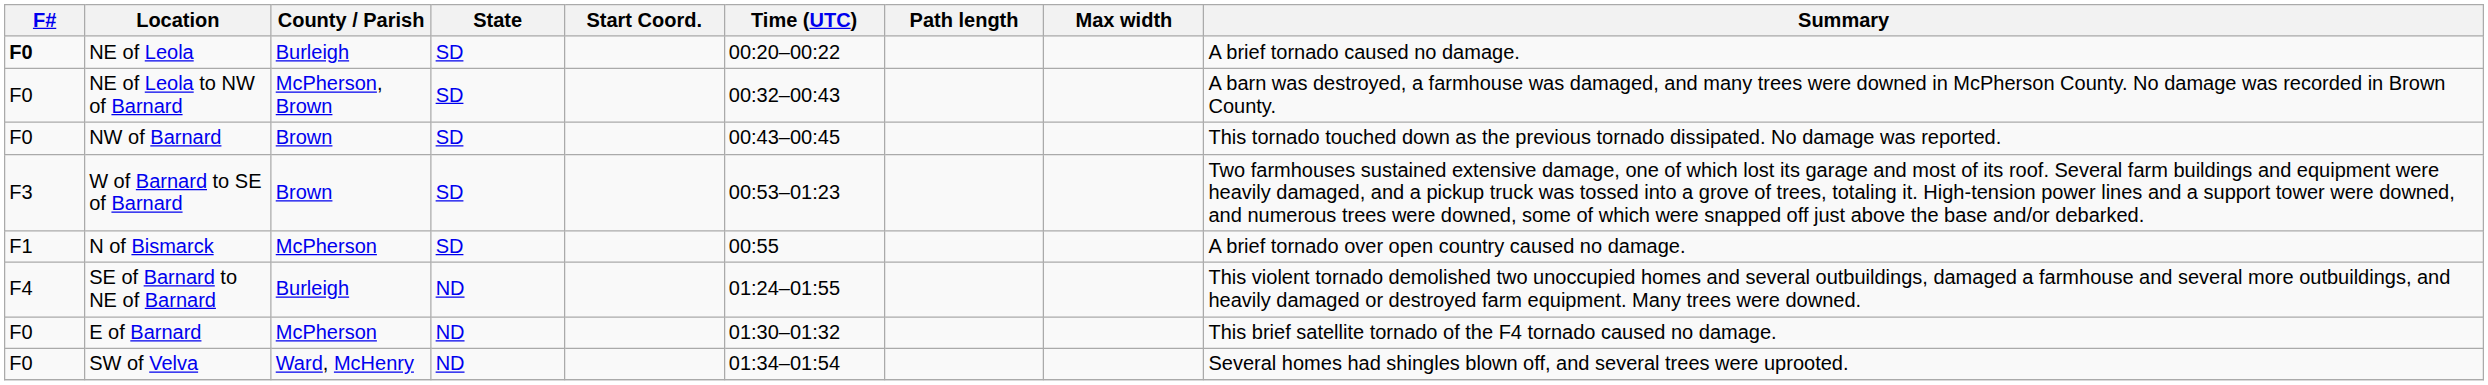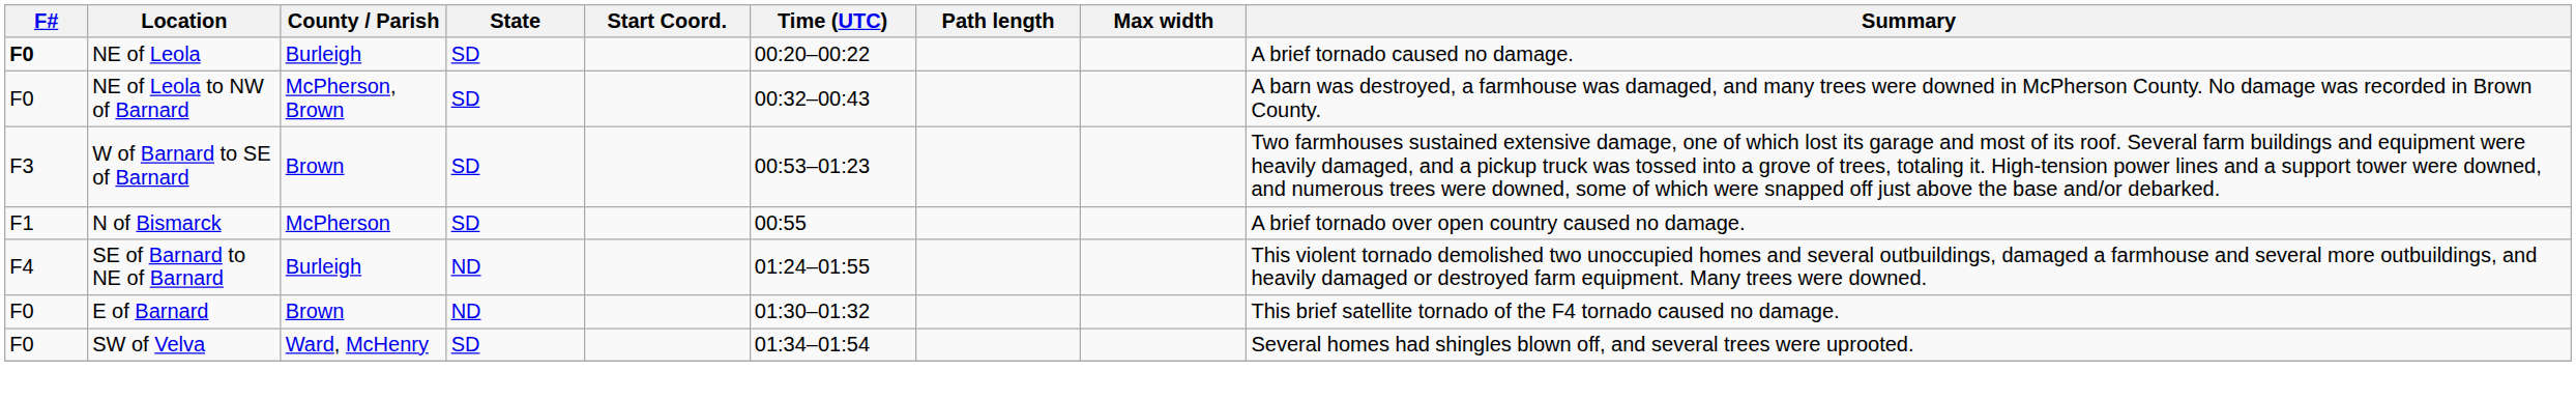 <table class="wikitable sortable" style="width:100%;">
 <tr>
 <th scope="col"  style="width:3%; text-align:center;"><a href='#'>F#</a></th>
 <th scope="col"  style="width:7%; text-align:center;" class="unsortable">Location</th>
 <th scope="col"  style="width:6%; text-align:center;" class="unsortable">County / Parish</th>
 <th scope="col"  style="width:5%; text-align:center;">State</th>
 <th scope="col"  style="width:6%; text-align:center;">Start Coord.</th>
 <th scope="col"  style="width:6%; text-align:center;">Time (<a href='#'>UTC</a>)</th>
 <th scope="col"  style="width:6%; text-align:center;">Path length</th>
 <th scope="col"  style="width:6%; text-align:center;">Max width</th>
 <th scope="col" class="unsortable" style="width:48%; text-align:center;">Summary</th>
 </tr>
 <tr>
 <td><strong>F0</strong></td>
 <td>NE of <a href='#'>Leola</a></td>
 <td><a href='#'>Burleigh</a></td>
 <td><a href='#'>SD</a></td>
 <td></td>
 <td>00:20–00:22</td>
 <td></td>
 <td></td>
 <td>A brief tornado caused no damage.</td>
 </tr>
 <tr>
 <td>F0</td>
 <td>NE of <a href='#'>Leola</a> to NW of <a href='#'>Barnard</a></td>
 <td><a href='#'>McPherson</a>, <a href='#'>Brown</a></td>
 <td><a href='#'>SD</a></td>
 <td></td>
 <td>00:32–00:43</td>
 <td></td>
 <td></td>
 <td>A barn was destroyed, a farmhouse was damaged, and many trees were downed in McPherson County. No damage was recorded in Brown County.</td>
-</tr>
-<tr>
-<td>F0</td>
-<td>NW of <a href='#'>Barnard</a></td>
-<td><a href='#'>Brown</a></td>
-<td><a href='#'>SD</a></td>
-<td></td>
-<td>00:43–00:45</td>
-<td></td>
-<td></td>
-<td>This tornado touched down as the previous tornado dissipated. No damage was reported.</td>
 </tr>
 <tr>
 <td>F3</td>
 <td>W of <a href='#'>Barnard</a> to SE of <a href='#'>Barnard</a></td>
 <td><a href='#'>Brown</a></td>
 <td><a href='#'>SD</a></td>
 <td></td>
 <td>00:53–01:23</td>
 <td></td>
 <td></td>
 <td>Two farmhouses sustained extensive damage, one of which lost its garage and most of its roof. Several farm buildings and equipment were heavily damaged, and a pickup truck was tossed  into a grove of trees, totaling it. High-tension power lines and a support tower were downed, and numerous trees were downed, some of which were snapped off just above the base and/or debarked.</td>
 </tr>
 <tr>
 <td>F1</td>
 <td>N of <a href='#'>Bismarck</a></td>
 <td><a href='#'>McPherson</a></td>
 <td><a href='#'>SD</a></td>
 <td></td>
 <td>00:55</td>
 <td></td>
 <td></td>
 <td>A brief tornado over open country caused no damage.</td>
 </tr>
 <tr>
 <td>F4</td>
 <td>SE of <a href='#'>Barnard</a> to NE of <a href='#'>Barnard</a></td>
 <td><a href='#'>Burleigh</a></td>
 <td><a href='#'>ND</a></td>
 <td></td>
 <td>01:24–01:55</td>
 <td></td>
 <td></td>
 <td>This violent tornado demolished two unoccupied homes and several outbuildings, damaged a farmhouse and several more outbuildings, and heavily damaged or destroyed farm equipment. Many trees were downed.</td>
 </tr>
 <tr>
 <td>F0</td>
 <td>E of <a href='#'>Barnard</a></td>
-<td><a href='#'>McPherson</a></td>
+<td><a href='#'>Brown</a></td>
 <td><a href='#'>ND</a></td>
 <td></td>
 <td>01:30–01:32</td>
 <td></td>
 <td></td>
 <td>This brief satellite tornado of the F4 tornado caused no damage.</td>
 </tr>
 <tr>
 <td>F0</td>
 <td>SW of <a href='#'>Velva</a></td>
 <td><a href='#'>Ward</a>, <a href='#'>McHenry</a></td>
-<td><a href='#'>ND</a></td>
+<td><a href='#'>SD</a></td>
 <td></td>
 <td>01:34–01:54</td>
 <td></td>
 <td></td>
 <td>Several homes had shingles blown off, and several trees were uprooted.</td>
 </tr>
 <tr>
 </tr>
 </table>
